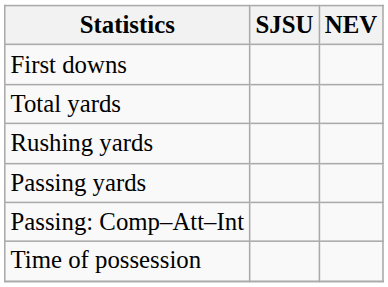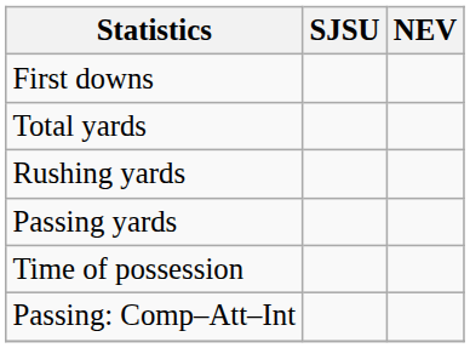 <table class="wikitable" style="float: left;">
 <tr>
 <th>Statistics</th>
 <th>SJSU</th>
 <th>NEV</th>
 </tr>
 <tr>
 <td>First downs</td>
 <td></td>
 <td></td>
 </tr>
 <tr>
 <td>Total yards</td>
 <td></td>
 <td></td>
 </tr>
 <tr>
 <td>Rushing yards</td>
 <td></td>
 <td></td>
 </tr>
 <tr>
 <td>Passing yards</td>
 <td></td>
 <td></td>
 </tr>
 <tr>
-<td>Passing: Comp–Att–Int</td>
+<td>Time of possession</td>
 <td></td>
 <td></td>
 </tr>
 <tr>
-<td>Time of possession</td>
+<td>Passing: Comp–Att–Int</td>
 <td></td>
 <td></td>
 </tr>
 <tr>
 </tr>
 </table>
